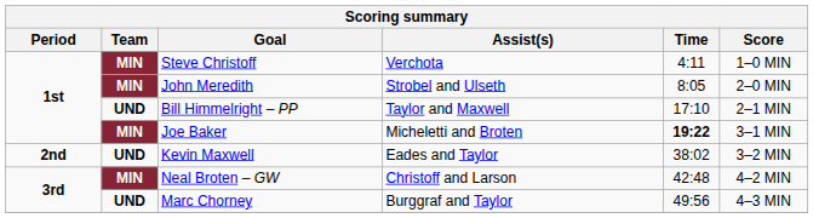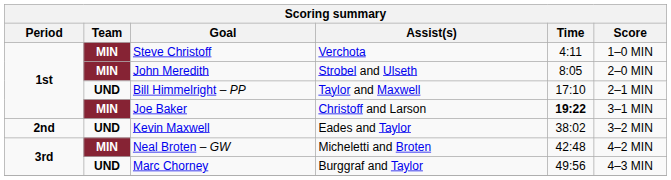 <table style="width:100%;" class="wikitable">
 <tr>
 <th colspan=6>Scoring summary</th>
 </tr>
 <tr>
 <th style="width:12%;">Period</th>
 <th style="width:7%;">Team</th>
 <th style="width:28%;">Goal</th>
 <th style="width:35%;">Assist(s)</th>
 <th style="width:7%;">Time</th>
 <th style="width:11%;">Score</th>
 </tr>
 <tr>
 <td style="text-align:center;" rowspan="4"><strong>1st</strong></td>
 <td align=center style="color:white; background:#862334; "><strong>MIN</strong></td>
 <td><a href='#'>Steve Christoff</a></td>
 <td><a href='#'>Verchota</a></td>
 <td align=center>4:11</td>
 <td align=center>1–0 MIN</td>
 </tr>
 <tr>
 <td align=center style="color:white; background:#862334; "><strong>MIN</strong></td>
 <td><a href='#'>John Meredith</a></td>
 <td><a href='#'>Strobel</a> and <a href='#'>Ulseth</a></td>
 <td align=center>8:05</td>
 <td align=center>2–0 MIN</td>
 </tr>
 <tr>
 <td align=center><strong>UND</strong></td>
 <td><a href='#'>Bill Himmelright</a> – <em>PP</em></td>
 <td><a href='#'>Taylor</a> and <a href='#'>Maxwell</a></td>
 <td align=center>17:10</td>
 <td align=center>2–1 MIN</td>
 </tr>
 <tr>
 <td align=center style="color:white; background:#862334; "><strong>MIN</strong></td>
 <td><a href='#'>Joe Baker</a></td>
-<td>Micheletti and <a href='#'>Broten</a></td>
+<td><a href='#'>Christoff</a> and Larson</td>
 <td align=center><strong>19:22</strong></td>
 <td align=center>3–1 MIN</td>
 </tr>
 <tr>
 <td style="text-align:center;" rowspan="1"><strong>2nd</strong></td>
 <td align=center><strong>UND</strong></td>
 <td><a href='#'>Kevin Maxwell</a></td>
 <td>Eades and <a href='#'>Taylor</a></td>
 <td align=center>38:02</td>
 <td align=center>3–2 MIN</td>
 </tr>
 <tr>
 <td style="text-align:center;" rowspan="2"><strong>3rd</strong></td>
 <td align=center style="color:white; background:#862334; "><strong>MIN</strong></td>
 <td><a href='#'>Neal Broten</a> – <em>GW</em></td>
-<td><a href='#'>Christoff</a> and Larson</td>
+<td>Micheletti and <a href='#'>Broten</a></td>
 <td align=center>42:48</td>
 <td align=center>4–2 MIN</td>
 </tr>
 <tr>
 <td align=center><strong>UND</strong></td>
 <td><a href='#'>Marc Chorney</a></td>
 <td>Burggraf and <a href='#'>Taylor</a></td>
 <td align=center>49:56</td>
 <td align=center>4–3 MIN</td>
 </tr>
 <tr>
 </tr>
 </table>
